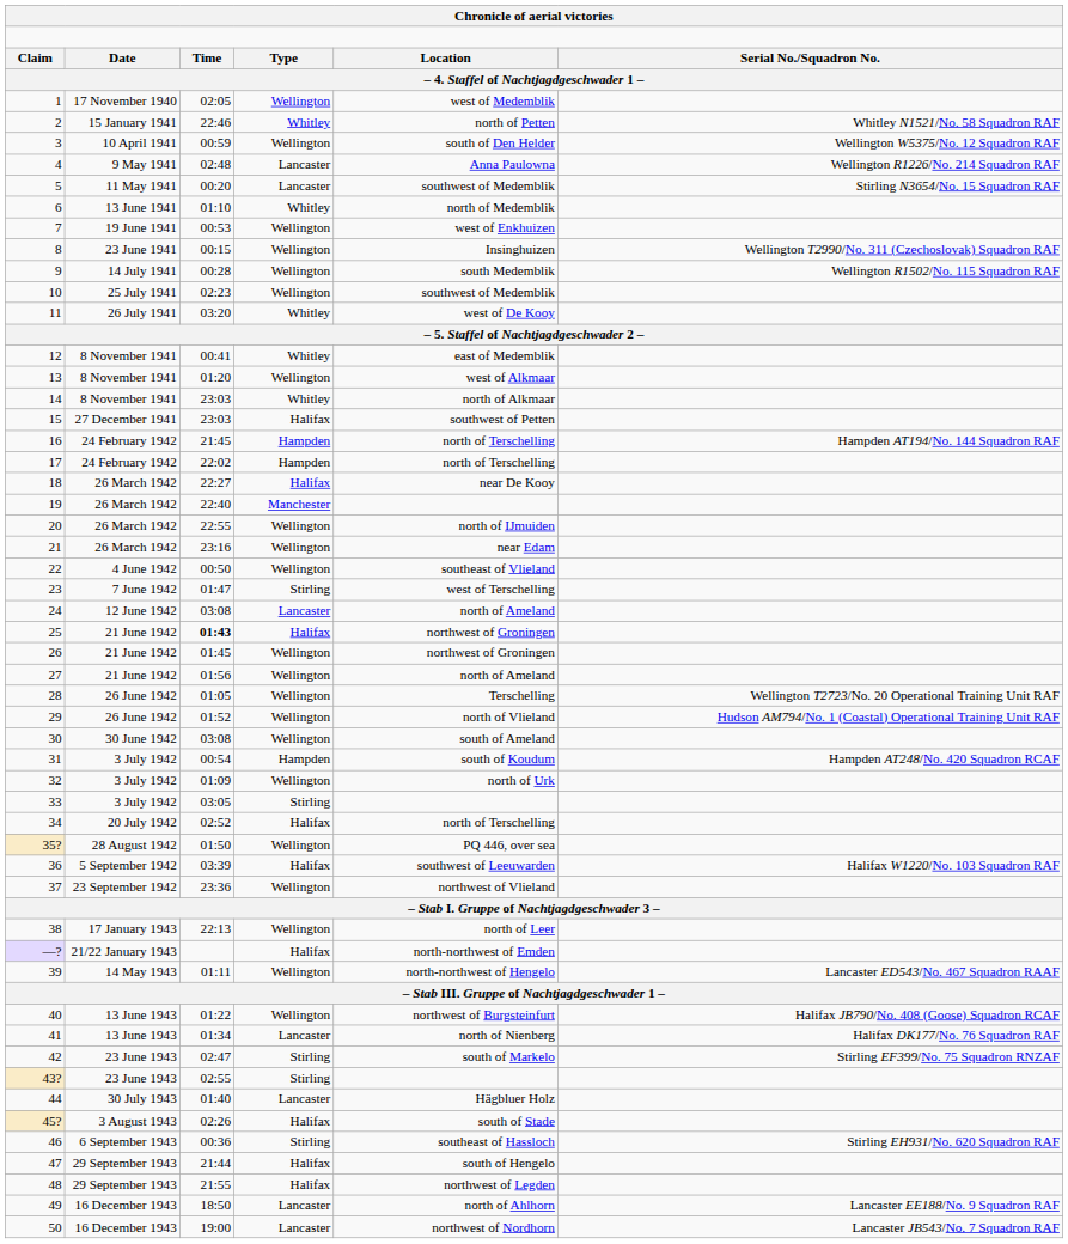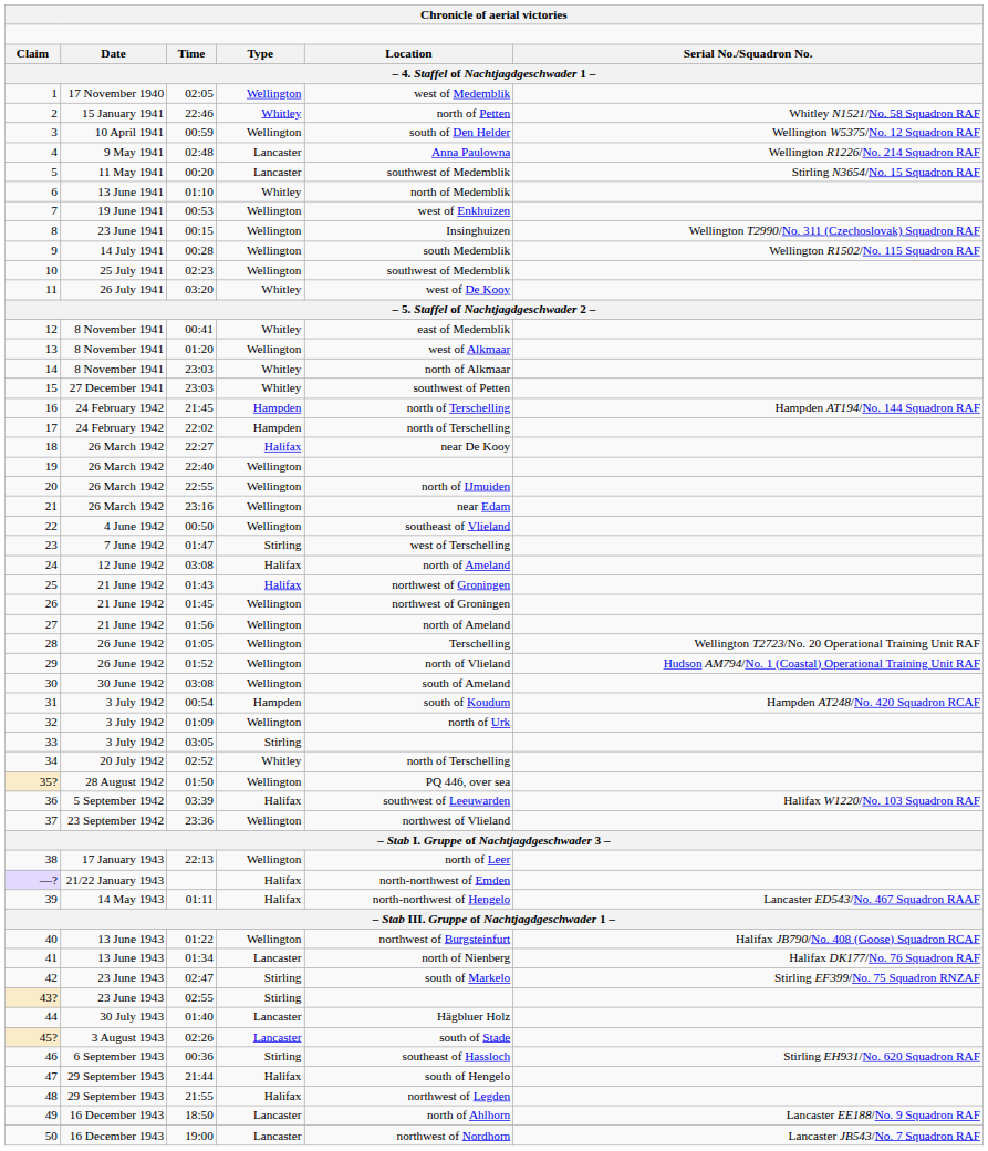 <table class="wikitable plainrowheaders collapsible" style="margin-left: auto; margin-right: auto; border: none; text-align:right; width: 100%;">
 <tr>
 <th colspan="6">Chronicle of aerial victories</th>
 </tr>
 <tr>
 <td colspan="6" style="text-align: left;"><br> </td>
 </tr>
 <tr>
 <th scope="col">Claim</th>
 <th scope="col" style="width:130px">Date</th>
 <th scope="col">Time</th>
 <th scope="col">Type</th>
 <th scope="col">Location</th>
 <th scope="col">Serial No./Squadron No.</th>
 </tr>
 <tr>
 <th colspan="6">– 4. <em>Staffel</em> of <em>Nachtjagdgeschwader</em> 1 –</th>
 </tr>
 <tr>
 <td>1</td>
 <td>17 November 1940</td>
 <td>02:05</td>
 <td><a href='#'>Wellington</a></td>
 <td> west of <a href='#'>Medemblik</a></td>
 <td></td>
 </tr>
 <tr>
 <td>2</td>
 <td>15 January 1941</td>
 <td>22:46</td>
 <td><a href='#'>Whitley</a></td>
 <td> north of <a href='#'>Petten</a></td>
 <td>Whitley <em>N1521</em>/<a href='#'>No. 58 Squadron RAF</a></td>
 </tr>
 <tr>
 <td>3</td>
 <td>10 April 1941</td>
 <td>00:59</td>
 <td>Wellington</td>
 <td>south of <a href='#'>Den Helder</a></td>
 <td>Wellington <em>W5375</em>/<a href='#'>No. 12 Squadron RAF</a></td>
 </tr>
 <tr>
 <td>4</td>
 <td>9 May 1941</td>
 <td>02:48</td>
 <td>Lancaster</td>
 <td><a href='#'>Anna Paulowna</a></td>
 <td>Wellington <em>R1226</em>/<a href='#'>No. 214 Squadron RAF</a></td>
 </tr>
 <tr>
 <td>5</td>
 <td>11 May 1941</td>
 <td>00:20</td>
 <td>Lancaster</td>
 <td> southwest of Medemblik</td>
 <td>Stirling <em>N3654</em>/<a href='#'>No. 15 Squadron RAF</a></td>
 </tr>
 <tr>
 <td>6</td>
 <td>13 June 1941</td>
 <td>01:10</td>
 <td>Whitley</td>
 <td> north of Medemblik</td>
 <td></td>
 </tr>
 <tr>
 <td>7</td>
 <td>19 June 1941</td>
 <td>00:53</td>
 <td>Wellington</td>
 <td>west of <a href='#'>Enkhuizen</a></td>
 <td></td>
 </tr>
 <tr>
 <td>8</td>
 <td>23 June 1941</td>
 <td>00:15</td>
 <td>Wellington</td>
 <td>Insinghuizen</td>
 <td>Wellington <em>T2990</em>/<a href='#'>No. 311 (Czechoslovak) Squadron RAF</a></td>
 </tr>
 <tr>
 <td>9</td>
 <td>14 July 1941</td>
 <td>00:28</td>
 <td>Wellington</td>
 <td>south Medemblik</td>
 <td>Wellington <em>R1502</em>/<a href='#'>No. 115 Squadron RAF</a></td>
 </tr>
 <tr>
 <td>10</td>
 <td>25 July 1941</td>
 <td>02:23</td>
 <td>Wellington</td>
 <td> southwest of Medemblik</td>
 <td></td>
 </tr>
 <tr>
 <td>11</td>
 <td>26 July 1941</td>
 <td>03:20</td>
 <td>Whitley</td>
 <td> west of <a href='#'>De Kooy</a></td>
 <td></td>
 </tr>
 <tr>
 <th colspan="6">– 5. <em>Staffel</em> of <em>Nachtjagdgeschwader</em> 2 –</th>
 </tr>
 <tr>
 <td>12</td>
 <td>8 November 1941</td>
 <td>00:41</td>
 <td>Whitley</td>
 <td>east of Medemblik</td>
 <td></td>
 </tr>
 <tr>
 <td>13</td>
 <td>8 November 1941</td>
 <td>01:20</td>
 <td>Wellington</td>
 <td>west of <a href='#'>Alkmaar</a></td>
 <td></td>
 </tr>
 <tr>
 <td>14</td>
 <td>8 November 1941</td>
 <td>23:03</td>
 <td>Whitley</td>
 <td> north of Alkmaar</td>
 <td></td>
 </tr>
 <tr>
 <td>15</td>
 <td>27 December 1941</td>
 <td>23:03</td>
-<td>Halifax</td>
+<td>Whitley</td>
 <td> southwest of Petten</td>
 <td></td>
 </tr>
 <tr>
 <td>16</td>
 <td>24 February 1942</td>
 <td>21:45</td>
 <td><a href='#'>Hampden</a></td>
 <td>north of <a href='#'>Terschelling</a></td>
 <td>Hampden <em>AT194</em>/<a href='#'>No. 144 Squadron RAF</a></td>
 </tr>
 <tr>
 <td>17</td>
 <td>24 February 1942</td>
 <td>22:02</td>
 <td>Hampden</td>
 <td>north of Terschelling</td>
 <td></td>
 </tr>
 <tr>
 <td>18</td>
 <td>26 March 1942</td>
 <td>22:27</td>
 <td><a href='#'>Halifax</a></td>
 <td>near De Kooy</td>
 <td></td>
 </tr>
 <tr>
 <td>19</td>
 <td>26 March 1942</td>
 <td>22:40</td>
-<td><a href='#'>Manchester</a></td>
+<td>Wellington</td>
 <td></td>
 <td></td>
 </tr>
 <tr>
 <td>20</td>
 <td>26 March 1942</td>
 <td>22:55</td>
 <td>Wellington</td>
 <td>north of <a href='#'>IJmuiden</a></td>
 <td></td>
 </tr>
 <tr>
 <td>21</td>
 <td>26 March 1942</td>
 <td>23:16</td>
 <td>Wellington</td>
 <td>near <a href='#'>Edam</a></td>
 <td></td>
 </tr>
 <tr>
 <td>22</td>
 <td>4 June 1942</td>
 <td>00:50</td>
 <td>Wellington</td>
 <td>southeast of <a href='#'>Vlieland</a></td>
 <td></td>
 </tr>
 <tr>
 <td>23</td>
 <td>7 June 1942</td>
 <td>01:47</td>
 <td>Stirling</td>
 <td>west of Terschelling</td>
 <td></td>
 </tr>
 <tr>
 <td>24</td>
 <td>12 June 1942</td>
 <td>03:08</td>
-<td><a href='#'>Lancaster</a></td>
+<td>Halifax</td>
 <td>north of <a href='#'>Ameland</a></td>
 <td></td>
 </tr>
 <tr>
 <td>25</td>
 <td>21 June 1942</td>
-<td><strong>01:43</strong></td>
+<td>01:43</td>
 <td><a href='#'>Halifax</a></td>
 <td> northwest of <a href='#'>Groningen</a></td>
 <td></td>
 </tr>
 <tr>
 <td>26</td>
 <td>21 June 1942</td>
 <td>01:45</td>
 <td>Wellington</td>
 <td> northwest of Groningen</td>
 <td></td>
 </tr>
 <tr>
 <td>27</td>
 <td>21 June 1942</td>
 <td>01:56</td>
 <td>Wellington</td>
 <td>north of Ameland</td>
 <td></td>
 </tr>
 <tr>
 <td>28</td>
 <td>26 June 1942</td>
 <td>01:05</td>
 <td>Wellington</td>
 <td>Terschelling</td>
 <td>Wellington <em>T2723</em>/No. 20 Operational Training Unit RAF</td>
 </tr>
 <tr>
 <td>29</td>
 <td>26 June 1942</td>
 <td>01:52</td>
 <td>Wellington</td>
 <td> north of Vlieland</td>
 <td><a href='#'>Hudson</a> <em>AM794</em>/<a href='#'>No. 1 (Coastal) Operational Training Unit RAF</a></td>
 </tr>
 <tr>
 <td>30</td>
 <td>30 June 1942</td>
 <td>03:08</td>
 <td>Wellington</td>
 <td>south of Ameland</td>
 <td></td>
 </tr>
 <tr>
 <td>31</td>
 <td>3 July 1942</td>
 <td>00:54</td>
 <td>Hampden</td>
 <td>south of <a href='#'>Koudum</a></td>
 <td>Hampden <em>AT248</em>/<a href='#'>No. 420 Squadron RCAF</a></td>
 </tr>
 <tr>
 <td>32</td>
 <td>3 July 1942</td>
 <td>01:09</td>
 <td>Wellington</td>
 <td>north of <a href='#'>Urk</a></td>
 <td></td>
 </tr>
 <tr>
 <td>33</td>
 <td>3 July 1942</td>
 <td>03:05</td>
 <td>Stirling</td>
 <td></td>
 <td></td>
 </tr>
 <tr>
 <td>34</td>
 <td>20 July 1942</td>
 <td>02:52</td>
-<td>Halifax</td>
+<td>Whitley</td>
 <td>north of Terschelling</td>
 <td></td>
 </tr>
 <tr>
 <td style="background:#faecc8">35?</td>
 <td>28 August 1942</td>
 <td>01:50</td>
 <td>Wellington</td>
 <td>PQ 446, over sea</td>
 <td></td>
 </tr>
 <tr>
 <td>36</td>
 <td>5 September 1942</td>
 <td>03:39</td>
 <td>Halifax</td>
 <td> southwest of <a href='#'>Leeuwarden</a></td>
 <td>Halifax <em>W1220</em>/<a href='#'>No. 103 Squadron RAF</a></td>
 </tr>
 <tr>
 <td>37</td>
 <td>23 September 1942</td>
 <td>23:36</td>
 <td>Wellington</td>
 <td> northwest of Vlieland</td>
 <td></td>
 </tr>
 <tr>
 <th colspan="6">– <em>Stab</em> I. <em>Gruppe</em> of <em>Nachtjagdgeschwader</em> 3 –</th>
 </tr>
 <tr>
 <td>38</td>
 <td>17 January 1943</td>
 <td>22:13</td>
 <td>Wellington</td>
 <td> north of <a href='#'>Leer</a></td>
 <td></td>
 </tr>
 <tr>
 <td style="background:#e3d9ff;">—?</td>
 <td>21/22 January 1943</td>
 <td></td>
 <td>Halifax</td>
 <td>north-northwest of <a href='#'>Emden</a></td>
 <td></td>
 </tr>
 <tr>
 <td>39</td>
 <td>14 May 1943</td>
 <td>01:11</td>
-<td>Wellington</td>
+<td>Halifax</td>
 <td> north-northwest of <a href='#'>Hengelo</a></td>
 <td>Lancaster <em>ED543</em>/<a href='#'>No. 467 Squadron RAAF</a></td>
 </tr>
 <tr>
 <th colspan="6">– <em>Stab</em> III. <em>Gruppe</em> of <em>Nachtjagdgeschwader</em> 1 –</th>
 </tr>
 <tr>
 <td>40</td>
 <td>13 June 1943</td>
 <td>01:22</td>
 <td>Wellington</td>
 <td> northwest of <a href='#'>Burgsteinfurt</a></td>
 <td>Halifax <em>JB790</em>/<a href='#'>No. 408 (Goose) Squadron RCAF</a></td>
 </tr>
 <tr>
 <td>41</td>
 <td>13 June 1943</td>
 <td>01:34</td>
 <td>Lancaster</td>
 <td> north of Nienberg</td>
 <td>Halifax <em>DK177</em>/<a href='#'>No. 76 Squadron RAF</a></td>
 </tr>
 <tr>
 <td>42</td>
 <td>23 June 1943</td>
 <td>02:47</td>
 <td>Stirling</td>
 <td> south of <a href='#'>Markelo</a></td>
 <td>Stirling <em>EF399</em>/<a href='#'>No. 75 Squadron RNZAF</a></td>
 </tr>
 <tr>
 <td style="background:#faecc8">43?</td>
 <td>23 June 1943</td>
 <td>02:55</td>
 <td>Stirling</td>
 <td></td>
 <td></td>
 </tr>
 <tr>
 <td>44</td>
 <td>30 July 1943</td>
 <td>01:40</td>
 <td>Lancaster</td>
 <td>Hägbluer Holz</td>
 <td></td>
 </tr>
 <tr>
 <td style="background:#faecc8">45?</td>
 <td>3 August 1943</td>
 <td>02:26</td>
-<td>Halifax</td>
+<td><a href='#'>Lancaster</a></td>
 <td> south of <a href='#'>Stade</a></td>
 <td></td>
 </tr>
 <tr>
 <td>46</td>
 <td>6 September 1943</td>
 <td>00:36</td>
 <td>Stirling</td>
 <td> southeast of <a href='#'>Hassloch</a></td>
 <td>Stirling <em>EH931</em>/<a href='#'>No. 620 Squadron RAF</a></td>
 </tr>
 <tr>
 <td>47</td>
 <td>29 September 1943</td>
 <td>21:44</td>
 <td>Halifax</td>
 <td> south of Hengelo</td>
 <td></td>
 </tr>
 <tr>
 <td>48</td>
 <td>29 September 1943</td>
 <td>21:55</td>
 <td>Halifax</td>
 <td> northwest of <a href='#'>Legden</a></td>
 <td></td>
 </tr>
 <tr>
 <td>49</td>
 <td>16 December 1943</td>
 <td>18:50</td>
 <td>Lancaster</td>
 <td>north of <a href='#'>Ahlhorn</a></td>
 <td>Lancaster <em>EE188</em>/<a href='#'>No. 9 Squadron RAF</a></td>
 </tr>
 <tr>
 <td>50</td>
 <td>16 December 1943</td>
 <td>19:00</td>
 <td>Lancaster</td>
 <td>northwest of <a href='#'>Nordhorn</a></td>
 <td>Lancaster <em>JB543</em>/<a href='#'>No. 7 Squadron RAF</a></td>
 </tr>
 </table>
